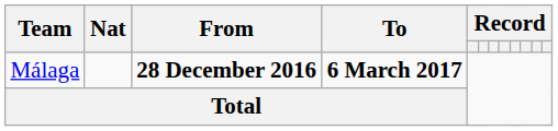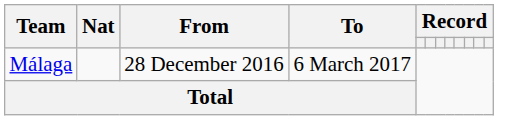 <table class="wikitable" style="text-align: center">
 <tr>
 <th rowspan="2">Team</th>
 <th rowspan="2">Nat</th>
 <th rowspan="2">From</th>
 <th rowspan="2">To</th>
 <th colspan="9">Record</th>
 </tr>
 <tr>
 <th></th>
 <th></th>
 <th></th>
 <th></th>
 <th></th>
 <th></th>
 <th></th>
 <th></th>
 </tr>
 <tr>
 <td align=left><a href='#'>Málaga</a></td>
 <td></td>
-<td align=left><strong>28 December 2016</strong></td>
-<td align=left><strong>6 March 2017<br></strong></td>
+<td align=left>28 December 2016</td>
+<td align=left>6 March 2017<br></td>
 </tr>
 <tr>
 <th colspan="4">Total<br></th>
 </tr>
 </table>
